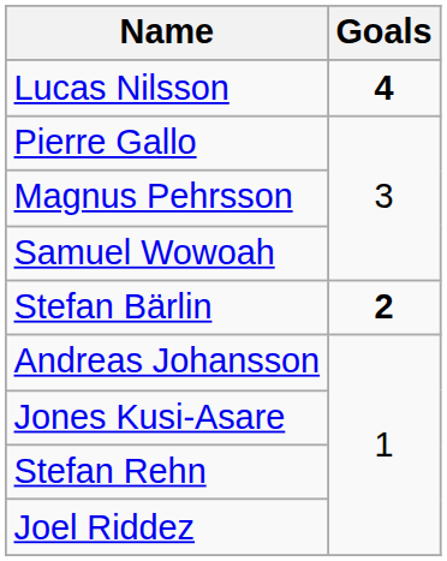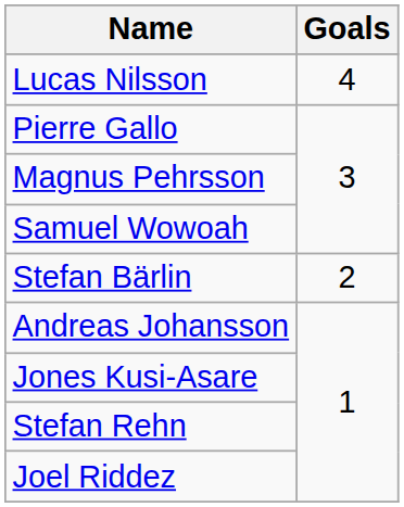 <table class="wikitable">
 <tr>
 <th>Name</th>
 <th>Goals</th>
 </tr>
 <tr>
 <td> <a href='#'>Lucas Nilsson</a></td>
-<td style="text-align:center;"><strong>4</strong></td>
+<td style="text-align:center;">4</td>
 </tr>
 <tr>
 <td> <a href='#'>Pierre Gallo</a></td>
 <td rowspan="3" style="text-align:center;">3</td>
 </tr>
 <tr>
 <td> <a href='#'>Magnus Pehrsson</a></td>
 </tr>
 <tr>
 <td> <a href='#'>Samuel Wowoah</a></td>
 </tr>
 <tr>
 <td> <a href='#'>Stefan Bärlin</a></td>
-<td style="text-align:center;"><strong>2</strong></td>
+<td style="text-align:center;">2</td>
 </tr>
 <tr>
 <td> <a href='#'>Andreas Johansson</a></td>
 <td rowspan="4" style="text-align:center;">1</td>
 </tr>
 <tr>
 <td> <a href='#'>Jones Kusi-Asare</a></td>
 </tr>
 <tr>
 <td> <a href='#'>Stefan Rehn</a></td>
 </tr>
 <tr>
 <td> <a href='#'>Joel Riddez</a></td>
 </tr>
 </table>
